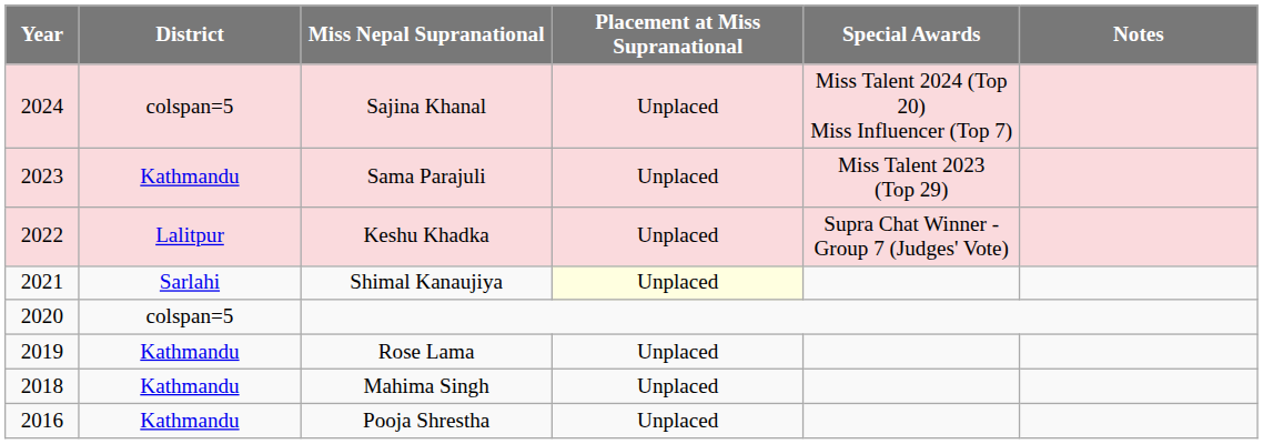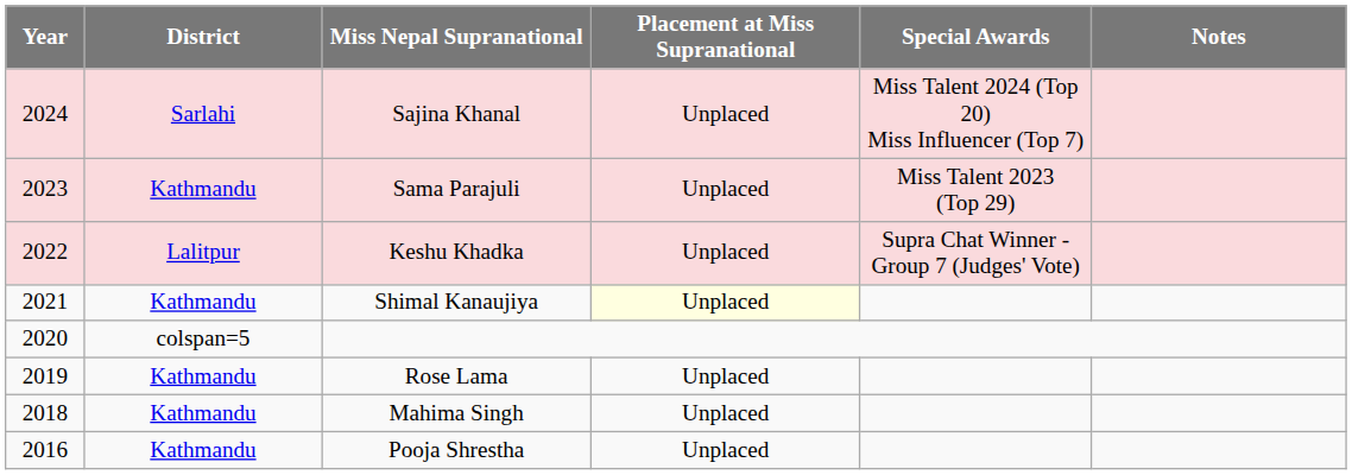 <table class="wikitable" style="font-size: 92%; text-align:center">
 <tr>
 <th width="60" style="background-color:#787878;color:#FFFFFF;">Year</th>
 <th width="230" style="background-color:#787878;color:#FFFFFF;">District</th>
 <th width="250" style="background-color:#787878;color:#FFFFFF;">Miss Nepal Supranational</th>
 <th width="250" style="background-color:#787878;color:#FFFFFF;">Placement at Miss Supranational</th>
 <th width="230" style="background-color:#787878;color:#FFFFFF;">Special Awards</th>
 <th width="290" style="background-color:#787878;color:#FFFFFF;">Notes</th>
 </tr>
 <tr style="background-color:#FADADD; ">
 <td>2024</td>
-<td>colspan=5 </td>
+<td><a href='#'>Sarlahi</a></td>
 <td>Sajina Khanal</td>
 <td>Unplaced</td>
 <td>Miss Talent 2024 (Top 20) <br> Miss Influencer (Top 7)</td>
 <td></td>
 </tr>
 <tr style="background-color:#FADADD; ">
 <td>2023</td>
 <td><a href='#'>Kathmandu</a></td>
 <td>Sama Parajuli</td>
 <td>Unplaced</td>
 <td>Miss Talent 2023<br>(Top 29)</td>
 <td></td>
 </tr>
 <tr style="background-color:#FADADD; ">
 <td>2022</td>
 <td><a href='#'>Lalitpur</a></td>
 <td>Keshu Khadka</td>
 <td>Unplaced</td>
 <td>Supra Chat Winner - Group 7 (Judges' Vote)</td>
 <td></td>
 </tr>
 <tr>
 <td>2021</td>
-<td><a href='#'>Sarlahi</a></td>
+<td><a href='#'>Kathmandu</a></td>
 <td>Shimal Kanaujiya</td>
 <td style="background: lightyellow;">Unplaced</td>
 <td></td>
 <td></td>
 </tr>
 <tr>
 <td>2020</td>
 <td>colspan=5 </td>
 </tr>
 <tr>
 <td>2019</td>
 <td><a href='#'>Kathmandu</a></td>
 <td>Rose Lama</td>
 <td>Unplaced</td>
 <td></td>
 <td></td>
 </tr>
 <tr>
 <td>2018</td>
 <td><a href='#'>Kathmandu</a></td>
 <td>Mahima Singh</td>
 <td>Unplaced</td>
 <td></td>
 <td></td>
 </tr>
 <tr>
 <td>2016</td>
 <td><a href='#'>Kathmandu</a></td>
 <td>Pooja Shrestha</td>
 <td>Unplaced</td>
 <td></td>
 <td></td>
 </tr>
 </table>
